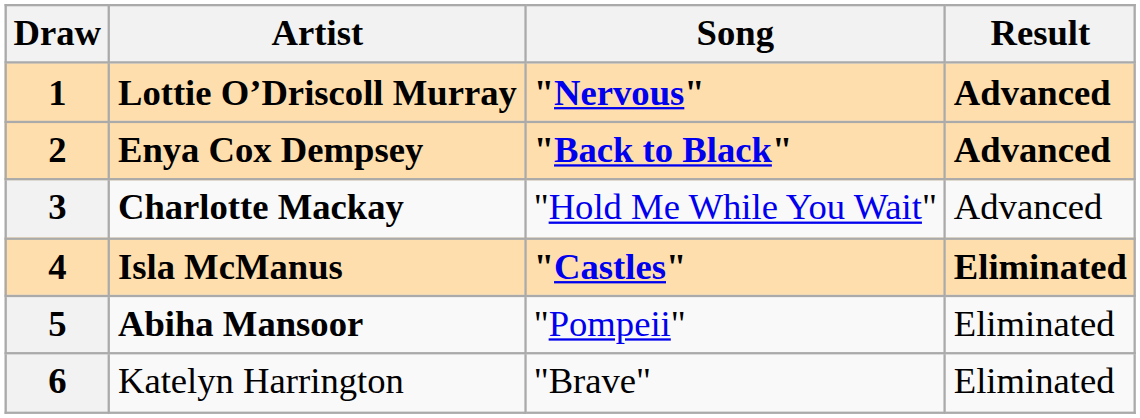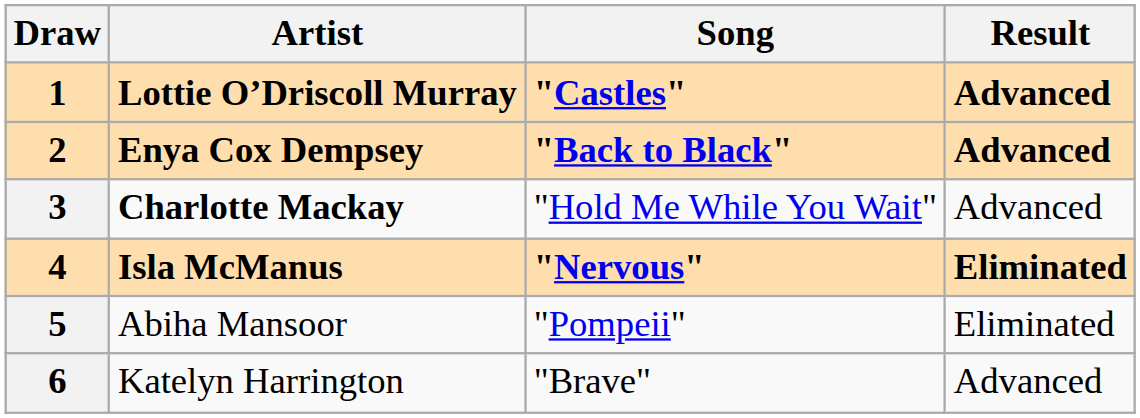 <table class="sortable wikitable plainrowheaders" style="margin: 1em auto 1em auto;">
 <tr>
 <th scope="col">Draw</th>
 <th scope="col">Artist</th>
 <th scope="col">Song </th>
 <th scope="col">Result</th>
 </tr>
 <tr style="font-weight: bold; background:navajowhite;">
 <th scope="row" style="text-align:center; font-weight:bold; background:navajowhite">1</th>
 <td>Lottie O’Driscoll Murray</td>
-<td>"<a href='#'>Nervous</a>" </td>
+<td>"<a href='#'>Castles</a>" </td>
 <td>Advanced</td>
 </tr>
 <tr style="font-weight: bold; background:navajowhite;">
 <th scope="row" style="text-align:center; font-weight:bold; background:navajowhite">2</th>
 <td>Enya Cox Dempsey</td>
 <td>"<a href='#'>Back to Black</a>" </td>
 <td>Advanced</td>
 </tr>
 <tr>
 <th scope="row" style="text-align:center">3</th>
 <td><strong>Charlotte Mackay</strong></td>
 <td>"<a href='#'>Hold Me While You Wait</a>" </td>
 <td>Advanced</td>
 </tr>
 <tr style="font-weight: bold; background:navajowhite;">
 <th scope="row" style="text-align:center; font-weight:bold; background:navajowhite">4</th>
 <td>Isla McManus</td>
-<td>"<a href='#'>Castles</a>" </td>
+<td>"<a href='#'>Nervous</a>" </td>
 <td>Eliminated</td>
 </tr>
 <tr>
 <th scope="row" style="text-align:center">5</th>
-<td><strong>Abiha Mansoor</strong></td>
+<td>Abiha Mansoor</td>
 <td>"<a href='#'>Pompeii</a>" </td>
 <td>Eliminated</td>
 </tr>
 <tr>
 <th scope="row" style="text-align:center">6</th>
 <td>Katelyn Harrington</td>
 <td>"Brave" </td>
-<td>Eliminated</td>
+<td>Advanced</td>
 </tr>
 </table>
